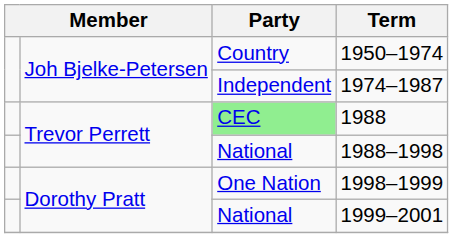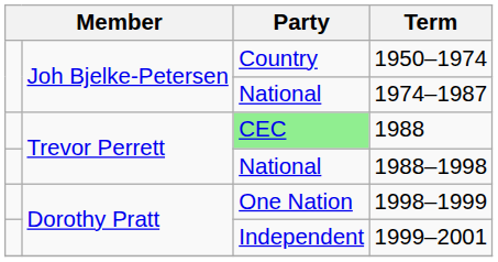 <table class="wikitable">
 <tr>
 <th colspan="2">Member</th>
 <th>Party</th>
 <th>Term</th>
 </tr>
 <tr>
 <td rowspan=2 > </td>
 <td rowspan=2><a href='#'>Joh Bjelke-Petersen</a></td>
 <td><a href='#'>Country</a></td>
 <td>1950–1974</td>
 </tr>
 <tr>
-<td><a href='#'>Independent</a></td>
+<td><a href='#'>National</a></td>
 <td>1974–1987</td>
 </tr>
 <tr>
 <td> </td>
 <td rowspan="2"><a href='#'>Trevor Perrett</a></td>
 <td style="background: lightgreen;"><a href='#'>CEC</a></td>
 <td>1988</td>
 </tr>
 <tr>
 <td> </td>
 <td><a href='#'>National</a></td>
 <td>1988–1998</td>
 </tr>
 <tr>
 <td> </td>
 <td rowspan="2"><a href='#'>Dorothy Pratt</a></td>
 <td><a href='#'>One Nation</a></td>
 <td>1998–1999</td>
 </tr>
 <tr>
 <td> </td>
-<td><a href='#'>National</a></td>
+<td><a href='#'>Independent</a></td>
 <td>1999–2001</td>
 </tr>
 <tr>
 </tr>
 </table>
